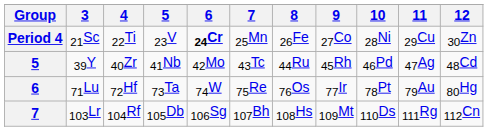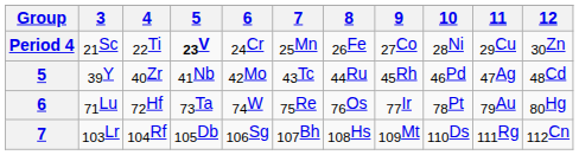 <table class=wikitable style="margin:0.5em 1em 0.5em 0; text-align:center; background:">
 <tr>
 </tr>
 <tr style="background:">
 <th><a href='#'>Group</a></th>
 <th><a href='#'>3</a></th>
 <th><a href='#'>4</a></th>
 <th><a href='#'>5</a></th>
 <th><a href='#'>6</a></th>
 <th><a href='#'>7</a></th>
 <th><a href='#'>8</a></th>
 <th><a href='#'>9</a></th>
 <th><a href='#'>10</a></th>
 <th><a href='#'>11</a></th>
 <th><a href='#'>12</a></th>
 </tr>
 <tr>
 <th style="background:"><a href='#'>Period 4</a></th>
 <td><sub>21</sub><a href='#'>Sc</a></td>
 <td><sub>22</sub><a href='#'>Ti</a></td>
-<td><sub>23</sub><a href='#'>V</a></td>
-<td><strong><sub>24</sub><a href='#'>Cr</a></strong></td>
+<td><strong><sub>23</sub><a href='#'>V</a></strong></td>
+<td><sub>24</sub><a href='#'>Cr</a></td>
 <td><sub>25</sub><a href='#'>Mn</a></td>
 <td><sub>26</sub><a href='#'>Fe</a></td>
 <td><sub>27</sub><a href='#'>Co</a></td>
 <td><sub>28</sub><a href='#'>Ni</a></td>
 <td><sub>29</sub><a href='#'>Cu</a></td>
 <td><sub>30</sub><a href='#'>Zn</a></td>
 </tr>
 <tr>
 <th style="background:"><a href='#'>5</a></th>
 <td><sub>39</sub><a href='#'>Y</a></td>
 <td><sub>40</sub><a href='#'>Zr</a></td>
 <td><sub>41</sub><a href='#'>Nb</a></td>
 <td><sub>42</sub><a href='#'>Mo</a></td>
 <td><sub>43</sub><a href='#'>Tc</a></td>
 <td><sub>44</sub><a href='#'>Ru</a></td>
 <td><sub>45</sub><a href='#'>Rh</a></td>
 <td><sub>46</sub><a href='#'>Pd</a></td>
 <td><sub>47</sub><a href='#'>Ag</a></td>
 <td><sub>48</sub><a href='#'>Cd</a></td>
 </tr>
 <tr>
 <th style="background:"><a href='#'>6</a></th>
 <td><sub>71</sub><a href='#'>Lu</a></td>
 <td><sub>72</sub><a href='#'>Hf</a></td>
 <td><sub>73</sub><a href='#'>Ta</a></td>
 <td><sub>74</sub><a href='#'>W</a></td>
 <td><sub>75</sub><a href='#'>Re</a></td>
 <td><sub>76</sub><a href='#'>Os</a></td>
 <td><sub>77</sub><a href='#'>Ir</a></td>
 <td><sub>78</sub><a href='#'>Pt</a></td>
 <td><sub>79</sub><a href='#'>Au</a></td>
 <td><sub>80</sub><a href='#'>Hg</a></td>
 </tr>
 <tr>
 <th style="background:"><a href='#'>7</a></th>
 <td><sub>103</sub><a href='#'>Lr</a></td>
 <td><sub>104</sub><a href='#'>Rf</a></td>
 <td><sub>105</sub><a href='#'>Db</a></td>
 <td><sub>106</sub><a href='#'>Sg</a></td>
 <td><sub>107</sub><a href='#'>Bh</a></td>
 <td><sub>108</sub><a href='#'>Hs</a></td>
 <td><sub>109</sub><a href='#'>Mt</a></td>
 <td><sub>110</sub><a href='#'>Ds</a></td>
 <td><sub>111</sub><a href='#'>Rg</a></td>
 <td><sub>112</sub><a href='#'>Cn</a></td>
 </tr>
 </table>
